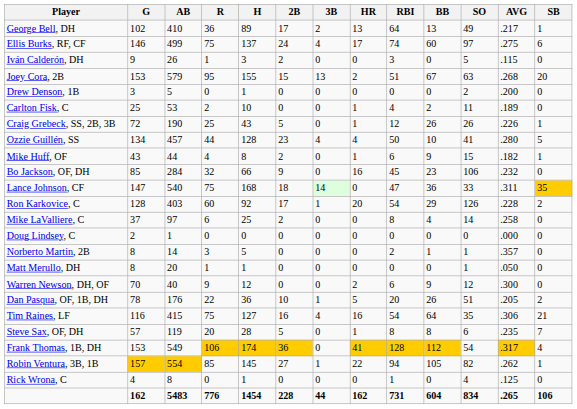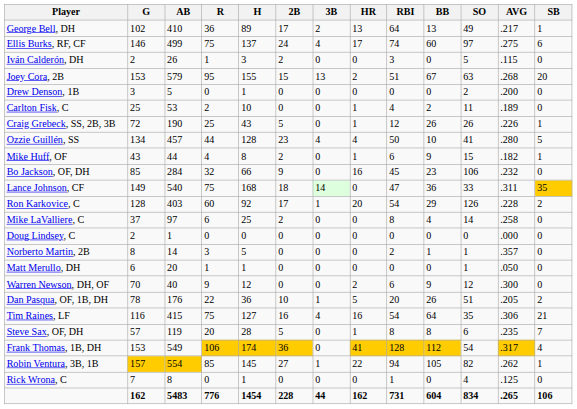 <table class="wikitable sortable">
 <tr>
 <th bgcolor="#DDDDFF" width="20%">Player</th>
 <th bgcolor="#DDDDFF" width="6%">G</th>
 <th bgcolor="#DDDDFF" width="6%">AB</th>
 <th bgcolor="#DDDDFF" width="6%">R</th>
 <th bgcolor="#DDDDFF" width="6%">H</th>
 <th bgcolor="#DDDDFF" width="6%">2B</th>
 <th bgcolor="#DDDDFF" width="6%">3B</th>
 <th bgcolor="#DDDDFF" width="6%">HR</th>
 <th bgcolor="#DDDDFF" width="6%">RBI</th>
 <th bgcolor="#DDDDFF" width="6%">BB</th>
 <th bgcolor="#DDDDFF" width="6%">SO</th>
 <th bgcolor="#DDDDFF" width="6%">AVG</th>
 <th bgcolor="#DDDDFF" width="6%">SB</th>
 </tr>
 <tr>
 <td><a href='#'>George Bell</a>, DH</td>
 <td>102</td>
 <td>410</td>
 <td>36</td>
 <td>89</td>
 <td>17</td>
 <td>2</td>
 <td>13</td>
 <td>64</td>
 <td>13</td>
 <td>49</td>
 <td>.217</td>
 <td>1</td>
 </tr>
 <tr>
 <td><a href='#'>Ellis Burks</a>, RF, CF</td>
 <td>146</td>
 <td>499</td>
 <td>75</td>
 <td>137</td>
 <td>24</td>
 <td>4</td>
 <td>17</td>
 <td>74</td>
 <td>60</td>
 <td>97</td>
 <td>.275</td>
 <td>6</td>
 </tr>
 <tr>
 <td><a href='#'>Iván Calderón</a>, DH</td>
-<td>9</td>
+<td>2</td>
 <td>26</td>
 <td>1</td>
 <td>3</td>
 <td>2</td>
 <td>0</td>
 <td>0</td>
 <td>3</td>
 <td>0</td>
 <td>5</td>
 <td>.115</td>
 <td>0</td>
 </tr>
 <tr>
 <td><a href='#'>Joey Cora</a>, 2B</td>
 <td>153</td>
 <td>579</td>
 <td>95</td>
 <td>155</td>
 <td>15</td>
 <td>13</td>
 <td>2</td>
 <td>51</td>
 <td>67</td>
 <td>63</td>
 <td>.268</td>
 <td>20</td>
 </tr>
 <tr>
 <td><a href='#'>Drew Denson</a>, 1B</td>
 <td>3</td>
 <td>5</td>
 <td>0</td>
 <td>1</td>
 <td>0</td>
 <td>0</td>
 <td>0</td>
 <td>0</td>
 <td>0</td>
 <td>2</td>
 <td>.200</td>
 <td>0</td>
 </tr>
 <tr>
 <td><a href='#'>Carlton Fisk</a>, C</td>
 <td>25</td>
 <td>53</td>
 <td>2</td>
 <td>10</td>
 <td>0</td>
 <td>0</td>
 <td>1</td>
 <td>4</td>
 <td>2</td>
 <td>11</td>
 <td>.189</td>
 <td>0</td>
 </tr>
 <tr>
 <td><a href='#'>Craig Grebeck</a>, SS, 2B, 3B</td>
 <td>72</td>
 <td>190</td>
 <td>25</td>
 <td>43</td>
 <td>5</td>
 <td>0</td>
 <td>1</td>
 <td>12</td>
 <td>26</td>
 <td>26</td>
 <td>.226</td>
 <td>1</td>
 </tr>
 <tr>
 <td><a href='#'>Ozzie Guillén</a>, SS</td>
 <td>134</td>
 <td>457</td>
 <td>44</td>
 <td>128</td>
 <td>23</td>
 <td>4</td>
 <td>4</td>
 <td>50</td>
 <td>10</td>
 <td>41</td>
 <td>.280</td>
 <td>5</td>
 </tr>
 <tr>
 <td><a href='#'>Mike Huff</a>, OF</td>
 <td>43</td>
 <td>44</td>
 <td>4</td>
 <td>8</td>
 <td>2</td>
 <td>0</td>
 <td>1</td>
 <td>6</td>
 <td>9</td>
 <td>15</td>
 <td>.182</td>
 <td>1</td>
 </tr>
 <tr>
 <td><a href='#'>Bo Jackson</a>, OF, DH</td>
 <td>85</td>
 <td>284</td>
 <td>32</td>
 <td>66</td>
 <td>9</td>
 <td>0</td>
 <td>16</td>
 <td>45</td>
 <td>23</td>
 <td>106</td>
 <td>.232</td>
 <td>0</td>
 </tr>
 <tr>
 <td><a href='#'>Lance Johnson</a>, CF</td>
-<td>147</td>
+<td>149</td>
 <td>540</td>
 <td>75</td>
 <td>168</td>
 <td>18</td>
 <td style="background:#DDFFDD;">14</td>
 <td>0</td>
 <td>47</td>
 <td>36</td>
 <td>33</td>
 <td>.311</td>
 <td style="background:#fc0;">35</td>
 </tr>
 <tr>
 <td><a href='#'>Ron Karkovice</a>, C</td>
 <td>128</td>
 <td>403</td>
 <td>60</td>
 <td>92</td>
 <td>17</td>
 <td>1</td>
 <td>20</td>
 <td>54</td>
 <td>29</td>
 <td>126</td>
 <td>.228</td>
 <td>2</td>
 </tr>
 <tr>
 <td><a href='#'>Mike LaValliere</a>, C</td>
 <td>37</td>
 <td>97</td>
 <td>6</td>
 <td>25</td>
 <td>2</td>
 <td>0</td>
 <td>0</td>
 <td>8</td>
 <td>4</td>
 <td>14</td>
 <td>.258</td>
 <td>0</td>
 </tr>
 <tr>
 <td><a href='#'>Doug Lindsey</a>, C</td>
 <td>2</td>
 <td>1</td>
 <td>0</td>
 <td>0</td>
 <td>0</td>
 <td>0</td>
 <td>0</td>
 <td>0</td>
 <td>0</td>
 <td>0</td>
 <td>.000</td>
 <td>0</td>
 </tr>
 <tr>
 <td><a href='#'>Norberto Martin</a>, 2B</td>
 <td>8</td>
 <td>14</td>
 <td>3</td>
 <td>5</td>
 <td>0</td>
 <td>0</td>
 <td>0</td>
 <td>2</td>
 <td>1</td>
 <td>1</td>
 <td>.357</td>
 <td>0</td>
 </tr>
 <tr>
 <td><a href='#'>Matt Merullo</a>, DH</td>
-<td>8</td>
+<td>6</td>
 <td>20</td>
 <td>1</td>
 <td>1</td>
 <td>0</td>
 <td>0</td>
 <td>0</td>
 <td>0</td>
 <td>0</td>
 <td>1</td>
 <td>.050</td>
 <td>0</td>
 </tr>
 <tr>
 <td><a href='#'>Warren Newson</a>, DH, OF</td>
 <td>70</td>
 <td>40</td>
 <td>9</td>
 <td>12</td>
 <td>0</td>
 <td>0</td>
 <td>2</td>
 <td>6</td>
 <td>9</td>
 <td>12</td>
 <td>.300</td>
 <td>0</td>
 </tr>
 <tr>
 <td><a href='#'>Dan Pasqua</a>, OF, 1B, DH</td>
 <td>78</td>
 <td>176</td>
 <td>22</td>
 <td>36</td>
 <td>10</td>
 <td>1</td>
 <td>5</td>
 <td>20</td>
 <td>26</td>
 <td>51</td>
 <td>.205</td>
 <td>2</td>
 </tr>
 <tr>
 <td><a href='#'>Tim Raines</a>, LF</td>
 <td>116</td>
 <td>415</td>
 <td>75</td>
 <td>127</td>
 <td>16</td>
 <td>4</td>
 <td>16</td>
 <td>54</td>
 <td>64</td>
 <td>35</td>
 <td>.306</td>
 <td>21</td>
 </tr>
 <tr>
 <td><a href='#'>Steve Sax</a>, OF, DH</td>
 <td>57</td>
 <td>119</td>
 <td>20</td>
 <td>28</td>
 <td>5</td>
 <td>0</td>
 <td>1</td>
 <td>8</td>
 <td>8</td>
 <td>6</td>
 <td>.235</td>
 <td>7</td>
 </tr>
 <tr>
 <td><a href='#'>Frank Thomas</a>, 1B, DH</td>
 <td>153</td>
 <td>549</td>
 <td style="background:#fc0;">106</td>
 <td style="background:#fc0;">174</td>
 <td style="background:#fc0;">36</td>
 <td>0</td>
 <td style="background:#fc0;">41</td>
 <td style="background:#fc0;">128</td>
 <td style="background:#fc0;">112</td>
 <td>54</td>
 <td style="background:#fc0;">.317</td>
 <td>4</td>
 </tr>
 <tr>
 <td><a href='#'>Robin Ventura</a>, 3B, 1B</td>
 <td style="background:#fc0;">157</td>
 <td style="background:#fc0;">554</td>
 <td>85</td>
 <td>145</td>
 <td>27</td>
 <td>1</td>
 <td>22</td>
 <td>94</td>
 <td>105</td>
 <td>82</td>
 <td>.262</td>
 <td>1</td>
 </tr>
 <tr>
 <td><a href='#'>Rick Wrona</a>, C</td>
-<td>4</td>
+<td>7</td>
 <td>8</td>
 <td>0</td>
 <td>1</td>
 <td>0</td>
 <td>0</td>
 <td>0</td>
 <td>1</td>
 <td>0</td>
 <td>4</td>
 <td>.125</td>
 <td>0</td>
 </tr>
 <tr class="sortbottom">
 <td></td>
 <td><strong>162</strong></td>
 <td><strong>5483</strong></td>
 <td><strong>776</strong></td>
 <td><strong>1454</strong></td>
 <td><strong>228</strong></td>
 <td><strong>44</strong></td>
 <td><strong>162</strong></td>
 <td><strong>731</strong></td>
 <td><strong>604</strong></td>
 <td><strong>834</strong></td>
 <td><strong>.265</strong></td>
 <td><strong>106</strong></td>
 </tr>
 </table>
